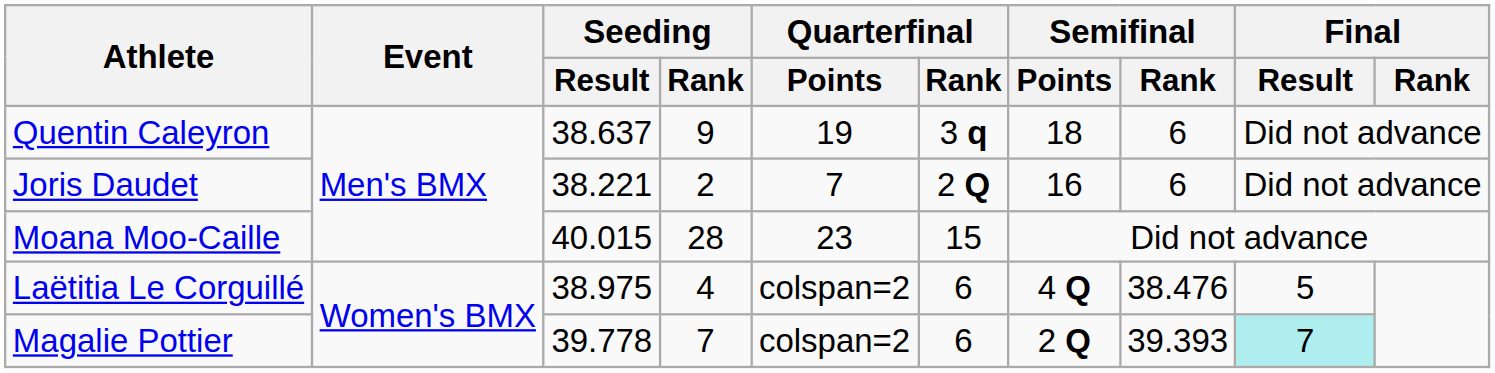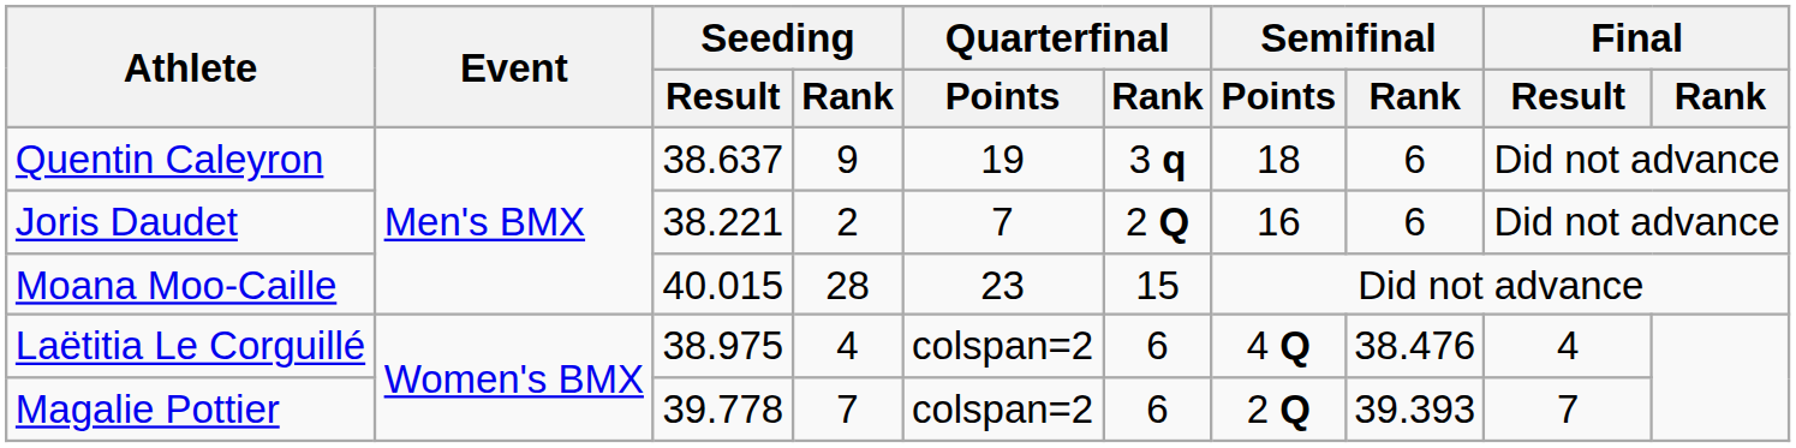 <table class="wikitable" style="font-size:90%">
 <tr>
 <th rowspan="2">Athlete</th>
 <th rowspan="2">Event</th>
 <th colspan="2">Seeding</th>
 <th colspan="2">Quarterfinal</th>
 <th colspan="2">Semifinal</th>
 <th colspan="2">Final</th>
 </tr>
 <tr style="font-size:95%">
 <th>Result</th>
 <th>Rank</th>
 <th>Points</th>
 <th>Rank</th>
 <th>Points</th>
 <th>Rank</th>
 <th>Result</th>
 <th>Rank</th>
 </tr>
 <tr align=center>
 <td align=left><a href='#'>Quentin Caleyron</a></td>
 <td align=left rowspan=3><a href='#'>Men's BMX</a></td>
 <td>38.637</td>
 <td>9</td>
 <td>19</td>
 <td>3 <strong>q</strong></td>
 <td>18</td>
 <td>6</td>
 <td colspan=2>Did not advance</td>
 </tr>
 <tr align=center>
 <td align=left><a href='#'>Joris Daudet</a></td>
 <td>38.221</td>
 <td>2</td>
 <td>7</td>
 <td>2 <strong>Q</strong></td>
 <td>16</td>
 <td>6</td>
 <td colspan=2>Did not advance</td>
 </tr>
 <tr align=center>
 <td align=left><a href='#'>Moana Moo-Caille</a></td>
 <td>40.015</td>
 <td>28</td>
 <td>23</td>
 <td>15</td>
 <td colspan=4>Did not advance</td>
 </tr>
 <tr align=center>
 <td align=left><a href='#'>Laëtitia Le Corguillé</a></td>
 <td align=left rowspan=2><a href='#'>Women's BMX</a></td>
 <td>38.975</td>
 <td>4</td>
 <td>colspan=2 </td>
 <td>6</td>
 <td>4 <strong>Q</strong></td>
 <td>38.476</td>
-<td>5</td>
+<td>4</td>
 </tr>
 <tr align=center>
 <td align=left><a href='#'>Magalie Pottier</a></td>
 <td>39.778</td>
 <td>7</td>
 <td>colspan=2 </td>
 <td>6</td>
 <td>2 <strong>Q</strong></td>
 <td>39.393</td>
-<td style="background: paleturquoise;">7</td>
+<td>7</td>
 </tr>
 </table>
